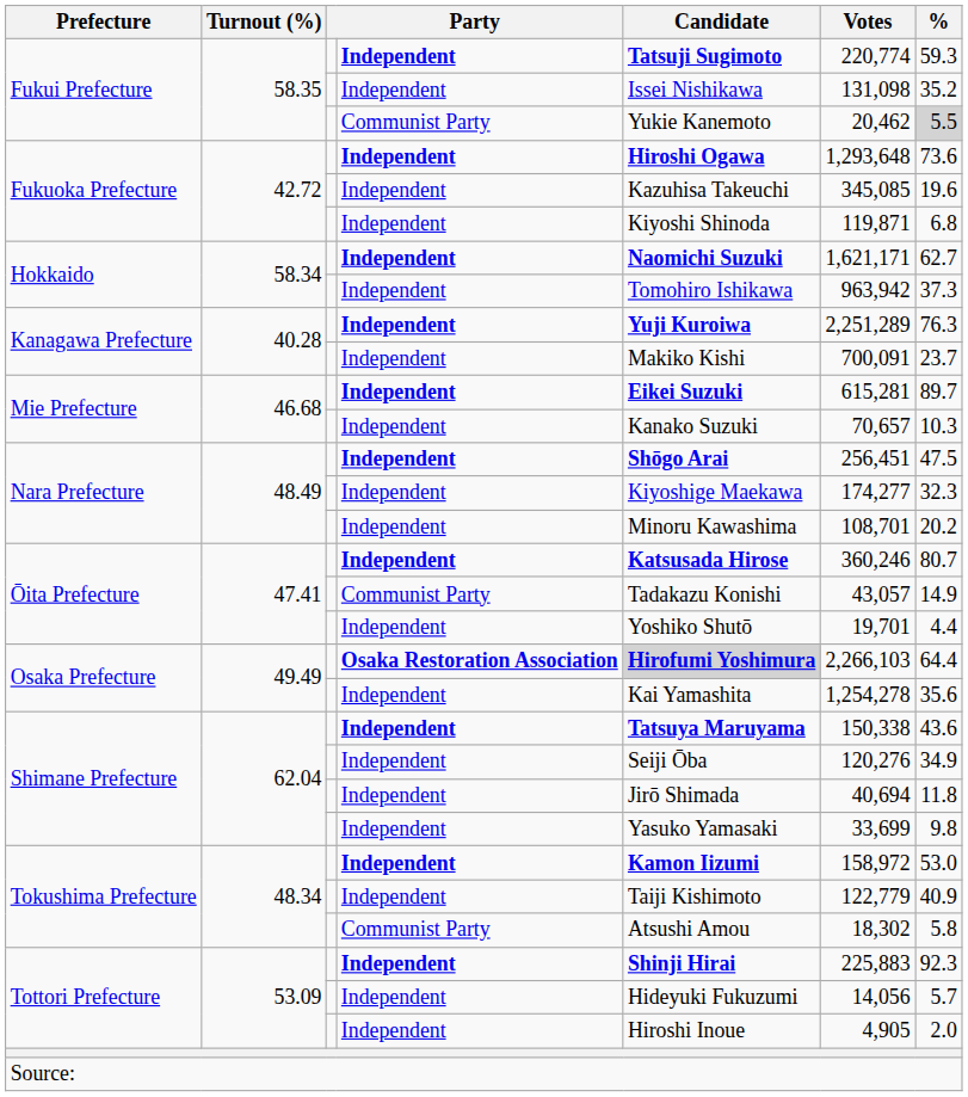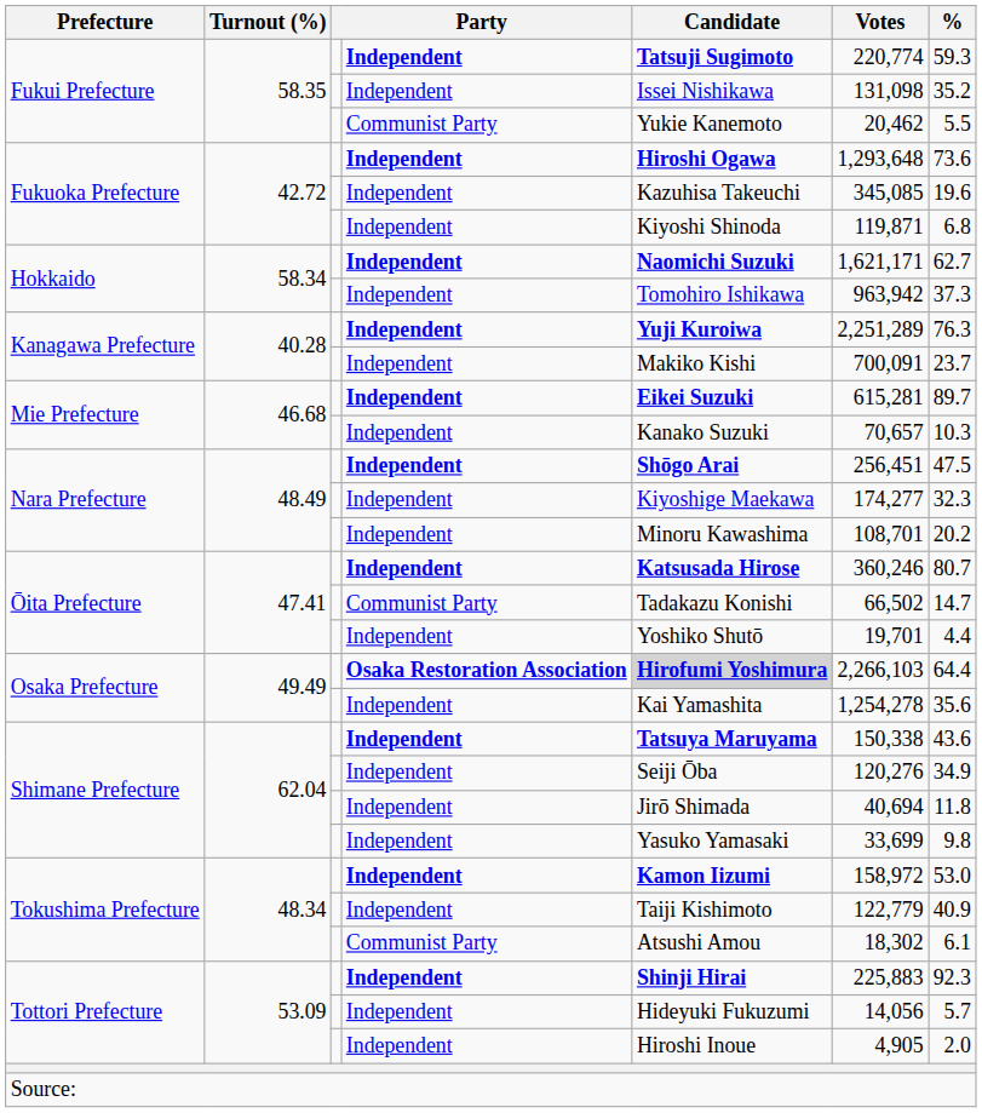 <table class="wikitable">
 <tr>
 <th>Prefecture</th>
 <th>Turnout (%)</th>
 <th colspan="2">Party</th>
 <th>Candidate</th>
 <th>Votes</th>
 <th>%</th>
 </tr>
 <tr>
 <td rowspan="3"><a href='#'>Fukui Prefecture</a></td>
 <td rowspan="3" align="right">58.35</td>
 <td></td>
 <td><a href='#'><strong>Independent</strong></a></td>
 <td><strong><a href='#'>Tatsuji Sugimoto</a></strong></td>
 <td align="right">220,774</td>
 <td align="right">59.3</td>
 </tr>
 <tr>
 <td></td>
 <td><a href='#'>Independent</a></td>
 <td><a href='#'>Issei Nishikawa</a></td>
 <td align="right">131,098</td>
 <td align="right">35.2</td>
 </tr>
 <tr>
 <td></td>
 <td><a href='#'>Communist Party</a></td>
 <td>Yukie Kanemoto</td>
 <td align="right">20,462</td>
-<td align="right" style="background: lightgrey;">5.5</td>
+<td align="right">5.5</td>
 </tr>
 <tr>
 <td rowspan="3"><a href='#'>Fukuoka Prefecture</a></td>
 <td rowspan="3" align="right">42.72</td>
 <td></td>
 <td><a href='#'><strong>Independent</strong></a></td>
 <td><strong><a href='#'>Hiroshi Ogawa</a></strong></td>
 <td align="right">1,293,648</td>
 <td align="right">73.6</td>
 </tr>
 <tr>
 <td></td>
 <td><a href='#'>Independent</a></td>
 <td>Kazuhisa Takeuchi</td>
 <td align="right">345,085</td>
 <td align="right">19.6</td>
 </tr>
 <tr>
 <td></td>
 <td><a href='#'>Independent</a></td>
 <td>Kiyoshi Shinoda</td>
 <td align="right">119,871</td>
 <td align="right">6.8</td>
 </tr>
 <tr>
 <td rowspan="2"><a href='#'>Hokkaido</a></td>
 <td rowspan="2" align="right">58.34</td>
 <td></td>
 <td><a href='#'><strong>Independent</strong></a></td>
 <td><strong><a href='#'>Naomichi Suzuki</a></strong></td>
 <td align="right">1,621,171</td>
 <td align="right">62.7</td>
 </tr>
 <tr>
 <td></td>
 <td><a href='#'>Independent</a></td>
 <td><a href='#'>Tomohiro Ishikawa</a></td>
 <td align="right">963,942</td>
 <td align="right">37.3</td>
 </tr>
 <tr>
 <td rowspan="2"><a href='#'>Kanagawa Prefecture</a></td>
 <td rowspan="2" align="right">40.28</td>
 <td></td>
 <td><a href='#'><strong>Independent</strong></a></td>
 <td><strong><a href='#'>Yuji Kuroiwa</a></strong></td>
 <td align="right">2,251,289</td>
 <td align="right">76.3</td>
 </tr>
 <tr>
 <td></td>
 <td><a href='#'>Independent</a></td>
 <td>Makiko Kishi</td>
 <td align="right">700,091</td>
 <td align="right">23.7</td>
 </tr>
 <tr>
 <td rowspan="2"><a href='#'>Mie Prefecture</a></td>
 <td rowspan="2" align="right">46.68</td>
 <td></td>
 <td><a href='#'><strong>Independent</strong></a></td>
 <td><strong><a href='#'>Eikei Suzuki</a></strong></td>
 <td align="right">615,281</td>
 <td align="right">89.7</td>
 </tr>
 <tr>
 <td></td>
 <td><a href='#'>Independent</a></td>
 <td>Kanako Suzuki</td>
 <td align="right">70,657</td>
 <td align="right">10.3</td>
 </tr>
 <tr>
 <td rowspan="3"><a href='#'>Nara Prefecture</a></td>
 <td rowspan="3" align="right">48.49</td>
 <td></td>
 <td><a href='#'><strong>Independent</strong></a></td>
 <td><strong><a href='#'>Shōgo Arai</a></strong></td>
 <td align="right">256,451</td>
 <td align="right">47.5</td>
 </tr>
 <tr>
 <td></td>
 <td><a href='#'>Independent</a></td>
 <td><a href='#'>Kiyoshige Maekawa</a></td>
 <td align="right">174,277</td>
 <td align="right">32.3</td>
 </tr>
 <tr>
 <td></td>
 <td><a href='#'>Independent</a></td>
 <td>Minoru Kawashima</td>
 <td align="right">108,701</td>
 <td align="right">20.2</td>
 </tr>
 <tr>
 <td rowspan="3"><a href='#'>Ōita Prefecture</a></td>
 <td rowspan="3" align="right">47.41</td>
 <td></td>
 <td><a href='#'><strong>Independent</strong></a></td>
 <td><strong><a href='#'>Katsusada Hirose</a></strong></td>
 <td align="right">360,246</td>
 <td align="right">80.7</td>
 </tr>
 <tr>
 <td></td>
 <td><a href='#'>Communist Party</a></td>
 <td>Tadakazu Konishi</td>
-<td align="right">43,057</td>
-<td align="right">14.9</td>
+<td align="right">66,502</td>
+<td align="right">14.7</td>
 </tr>
 <tr>
 <td></td>
 <td><a href='#'>Independent</a></td>
 <td>Yoshiko Shutō</td>
 <td align="right">19,701</td>
 <td align="right">4.4</td>
 </tr>
 <tr>
 <td rowspan="2"><a href='#'>Osaka Prefecture</a></td>
 <td rowspan="2" align="right">49.49</td>
 <td></td>
 <td><strong><a href='#'>Osaka Restoration Association</a></strong></td>
 <td style="background: lightgrey;"><strong><a href='#'>Hirofumi Yoshimura</a></strong></td>
 <td align="right">2,266,103</td>
 <td align="right">64.4</td>
 </tr>
 <tr>
 <td></td>
 <td><a href='#'>Independent</a></td>
 <td>Kai Yamashita</td>
 <td align="right">1,254,278</td>
 <td align="right">35.6</td>
 </tr>
 <tr>
 <td rowspan="4"><a href='#'>Shimane Prefecture</a></td>
 <td rowspan="4" align="right">62.04</td>
 <td></td>
 <td><a href='#'><strong>Independent</strong></a></td>
 <td><strong><a href='#'>Tatsuya Maruyama</a></strong></td>
 <td align="right">150,338</td>
 <td align="right">43.6</td>
 </tr>
 <tr>
 <td></td>
 <td><a href='#'>Independent</a></td>
 <td>Seiji Ōba</td>
 <td align="right">120,276</td>
 <td align="right">34.9</td>
 </tr>
 <tr>
 <td></td>
 <td><a href='#'>Independent</a></td>
 <td>Jirō Shimada</td>
 <td align="right">40,694</td>
 <td align="right">11.8</td>
 </tr>
 <tr>
 <td></td>
 <td><a href='#'>Independent</a></td>
 <td>Yasuko Yamasaki</td>
 <td align="right">33,699</td>
 <td align="right">9.8</td>
 </tr>
 <tr>
 <td rowspan="3"><a href='#'>Tokushima Prefecture</a></td>
 <td rowspan="3" align="right">48.34</td>
 <td></td>
 <td><a href='#'><strong>Independent</strong></a></td>
 <td><strong><a href='#'>Kamon Iizumi</a></strong></td>
 <td align="right">158,972</td>
 <td align="right">53.0</td>
 </tr>
 <tr>
 <td></td>
 <td><a href='#'>Independent</a></td>
 <td>Taiji Kishimoto</td>
 <td align="right">122,779</td>
 <td align="right">40.9</td>
 </tr>
 <tr>
 <td></td>
 <td><a href='#'>Communist Party</a></td>
 <td>Atsushi Amou</td>
 <td align="right">18,302</td>
-<td align="right">5.8</td>
+<td align="right">6.1</td>
 </tr>
 <tr>
 <td rowspan="3"><a href='#'>Tottori Prefecture</a></td>
 <td rowspan="3" align="right">53.09</td>
 <td></td>
 <td><a href='#'><strong>Independent</strong></a></td>
 <td><strong><a href='#'>Shinji Hirai</a></strong></td>
 <td align="right">225,883</td>
 <td align="right">92.3</td>
 </tr>
 <tr>
 <td></td>
 <td><a href='#'>Independent</a></td>
 <td>Hideyuki Fukuzumi</td>
 <td align="right">14,056</td>
 <td align="right">5.7</td>
 </tr>
 <tr>
 <td></td>
 <td><a href='#'>Independent</a></td>
 <td>Hiroshi Inoue</td>
 <td align="right">4,905</td>
 <td align="right">2.0</td>
 </tr>
 <tr>
 <th colspan="7"></th>
 </tr>
 <tr>
 <td colspan="7">Source: </td>
 </tr>
 </table>
